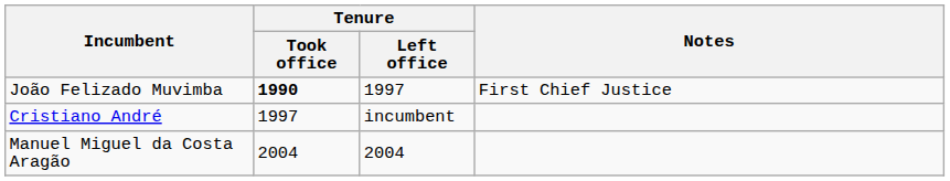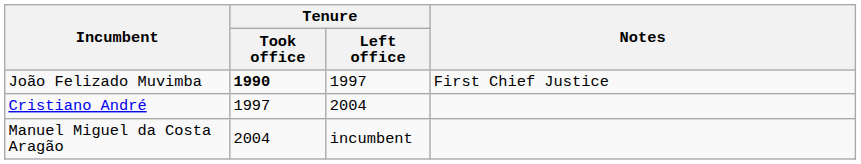 <table class="wikitable" style="font-size:85%;text-align:left">
 <tr>
 <th rowspan="2">Incumbent</th>
 <th colspan="2">Tenure</th>
 <th rowspan="2" width=50%>Notes</th>
 </tr>
 <tr>
 <th>Took office</th>
 <th>Left office</th>
 </tr>
 <tr>
 <td>João Felizado Muvimba</td>
 <td><strong>1990</strong></td>
 <td>1997</td>
 <td>First Chief Justice</td>
 </tr>
 <tr>
 <td><a href='#'>Cristiano André</a></td>
 <td>1997</td>
-<td>incumbent</td>
+<td>2004</td>
 <td></td>
 </tr>
 <tr>
 <td>Manuel Miguel da Costa Aragão</td>
 <td>2004</td>
-<td>2004</td>
+<td>incumbent</td>
 <td></td>
 </tr>
 </table>
